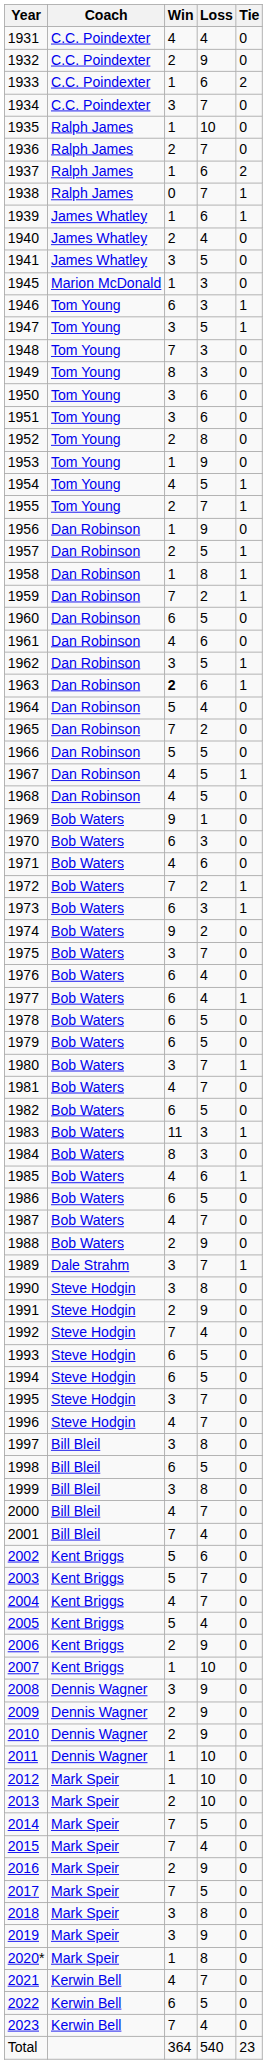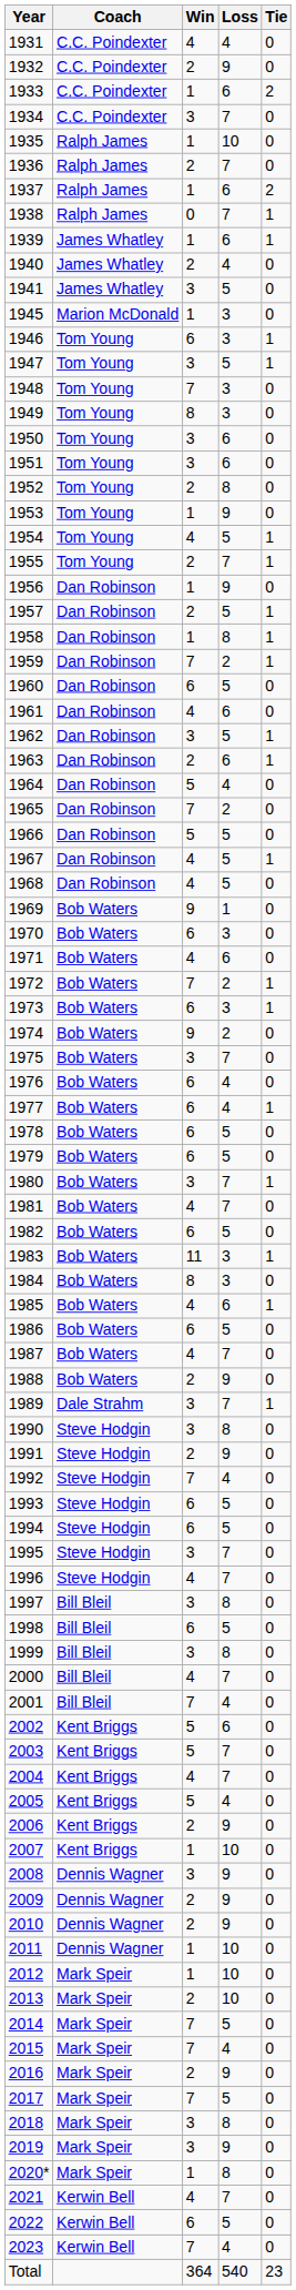 <table class="wikitable">
 <tr>
 <th>Year</th>
 <th>Coach</th>
 <th>Win</th>
 <th>Loss</th>
 <th>Tie</th>
 </tr>
 <tr>
 <td>1931</td>
 <td><a href='#'>C.C. Poindexter</a></td>
 <td>4</td>
 <td>4</td>
 <td>0</td>
 </tr>
 <tr>
 <td>1932</td>
 <td><a href='#'>C.C. Poindexter</a></td>
 <td>2</td>
 <td>9</td>
 <td>0</td>
 </tr>
 <tr>
 <td>1933</td>
 <td><a href='#'>C.C. Poindexter</a></td>
 <td>1</td>
 <td>6</td>
 <td>2</td>
 </tr>
 <tr>
 <td>1934</td>
 <td><a href='#'>C.C. Poindexter</a></td>
 <td>3</td>
 <td>7</td>
 <td>0</td>
 </tr>
 <tr>
 <td>1935</td>
 <td><a href='#'>Ralph James</a></td>
 <td>1</td>
 <td>10</td>
 <td>0</td>
 </tr>
 <tr>
 <td>1936</td>
 <td><a href='#'>Ralph James</a></td>
 <td>2</td>
 <td>7</td>
 <td>0</td>
 </tr>
 <tr>
 <td>1937</td>
 <td><a href='#'>Ralph James</a></td>
 <td>1</td>
 <td>6</td>
 <td>2</td>
 </tr>
 <tr>
 <td>1938</td>
 <td><a href='#'>Ralph James</a></td>
 <td>0</td>
 <td>7</td>
 <td>1</td>
 </tr>
 <tr>
 <td>1939</td>
 <td><a href='#'>James Whatley</a></td>
 <td>1</td>
 <td>6</td>
 <td>1</td>
 </tr>
 <tr>
 <td>1940</td>
 <td><a href='#'>James Whatley</a></td>
 <td>2</td>
 <td>4</td>
 <td>0</td>
 </tr>
 <tr>
 <td>1941</td>
 <td><a href='#'>James Whatley</a></td>
 <td>3</td>
 <td>5</td>
 <td>0</td>
 </tr>
 <tr>
 <td>1945</td>
 <td><a href='#'>Marion McDonald</a></td>
 <td>1</td>
 <td>3</td>
 <td>0</td>
 </tr>
 <tr>
 <td>1946</td>
 <td><a href='#'>Tom Young</a></td>
 <td>6</td>
 <td>3</td>
 <td>1</td>
 </tr>
 <tr>
 <td>1947</td>
 <td><a href='#'>Tom Young</a></td>
 <td>3</td>
 <td>5</td>
 <td>1</td>
 </tr>
 <tr>
 <td>1948</td>
 <td><a href='#'>Tom Young</a></td>
 <td>7</td>
 <td>3</td>
 <td>0</td>
 </tr>
 <tr>
 <td>1949</td>
 <td><a href='#'>Tom Young</a></td>
 <td>8</td>
 <td>3</td>
 <td>0</td>
 </tr>
 <tr>
 <td>1950</td>
 <td><a href='#'>Tom Young</a></td>
 <td>3</td>
 <td>6</td>
 <td>0</td>
 </tr>
 <tr>
 <td>1951</td>
 <td><a href='#'>Tom Young</a></td>
 <td>3</td>
 <td>6</td>
 <td>0</td>
 </tr>
 <tr>
 <td>1952</td>
 <td><a href='#'>Tom Young</a></td>
 <td>2</td>
 <td>8</td>
 <td>0</td>
 </tr>
 <tr>
 <td>1953</td>
 <td><a href='#'>Tom Young</a></td>
 <td>1</td>
 <td>9</td>
 <td>0</td>
 </tr>
 <tr>
 <td>1954</td>
 <td><a href='#'>Tom Young</a></td>
 <td>4</td>
 <td>5</td>
 <td>1</td>
 </tr>
 <tr>
 <td>1955</td>
 <td><a href='#'>Tom Young</a></td>
 <td>2</td>
 <td>7</td>
 <td>1</td>
 </tr>
 <tr>
 <td>1956</td>
 <td><a href='#'>Dan Robinson</a></td>
 <td>1</td>
 <td>9</td>
 <td>0</td>
 </tr>
 <tr>
 <td>1957</td>
 <td><a href='#'>Dan Robinson</a></td>
 <td>2</td>
 <td>5</td>
 <td>1</td>
 </tr>
 <tr>
 <td>1958</td>
 <td><a href='#'>Dan Robinson</a></td>
 <td>1</td>
 <td>8</td>
 <td>1</td>
 </tr>
 <tr>
 <td>1959</td>
 <td><a href='#'>Dan Robinson</a></td>
 <td>7</td>
 <td>2</td>
 <td>1</td>
 </tr>
 <tr>
 <td>1960</td>
 <td><a href='#'>Dan Robinson</a></td>
 <td>6</td>
 <td>5</td>
 <td>0</td>
 </tr>
 <tr>
 <td>1961</td>
 <td><a href='#'>Dan Robinson</a></td>
 <td>4</td>
 <td>6</td>
 <td>0</td>
 </tr>
 <tr>
 <td>1962</td>
 <td><a href='#'>Dan Robinson</a></td>
 <td>3</td>
 <td>5</td>
 <td>1</td>
 </tr>
 <tr>
 <td>1963</td>
 <td><a href='#'>Dan Robinson</a></td>
-<td><strong>2</strong></td>
+<td>2</td>
 <td>6</td>
 <td>1</td>
 </tr>
 <tr>
 <td>1964</td>
 <td><a href='#'>Dan Robinson</a></td>
 <td>5</td>
 <td>4</td>
 <td>0</td>
 </tr>
 <tr>
 <td>1965</td>
 <td><a href='#'>Dan Robinson</a></td>
 <td>7</td>
 <td>2</td>
 <td>0</td>
 </tr>
 <tr>
 <td>1966</td>
 <td><a href='#'>Dan Robinson</a></td>
 <td>5</td>
 <td>5</td>
 <td>0</td>
 </tr>
 <tr>
 <td>1967</td>
 <td><a href='#'>Dan Robinson</a></td>
 <td>4</td>
 <td>5</td>
 <td>1</td>
 </tr>
 <tr>
 <td>1968</td>
 <td><a href='#'>Dan Robinson</a></td>
 <td>4</td>
 <td>5</td>
 <td>0</td>
 </tr>
 <tr>
 <td>1969</td>
 <td><a href='#'>Bob Waters</a></td>
 <td>9</td>
 <td>1</td>
 <td>0</td>
 </tr>
 <tr>
 <td>1970</td>
 <td><a href='#'>Bob Waters</a></td>
 <td>6</td>
 <td>3</td>
 <td>0</td>
 </tr>
 <tr>
 <td>1971</td>
 <td><a href='#'>Bob Waters</a></td>
 <td>4</td>
 <td>6</td>
 <td>0</td>
 </tr>
 <tr>
 <td>1972</td>
 <td><a href='#'>Bob Waters</a></td>
 <td>7</td>
 <td>2</td>
 <td>1</td>
 </tr>
 <tr>
 <td>1973</td>
 <td><a href='#'>Bob Waters</a></td>
 <td>6</td>
 <td>3</td>
 <td>1</td>
 </tr>
 <tr>
 <td>1974</td>
 <td><a href='#'>Bob Waters</a></td>
 <td>9</td>
 <td>2</td>
 <td>0</td>
 </tr>
 <tr>
 <td>1975</td>
 <td><a href='#'>Bob Waters</a></td>
 <td>3</td>
 <td>7</td>
 <td>0</td>
 </tr>
 <tr>
 <td>1976</td>
 <td><a href='#'>Bob Waters</a></td>
 <td>6</td>
 <td>4</td>
 <td>0</td>
 </tr>
 <tr>
 <td>1977</td>
 <td><a href='#'>Bob Waters</a></td>
 <td>6</td>
 <td>4</td>
 <td>1</td>
 </tr>
 <tr>
 <td>1978</td>
 <td><a href='#'>Bob Waters</a></td>
 <td>6</td>
 <td>5</td>
 <td>0</td>
 </tr>
 <tr>
 <td>1979</td>
 <td><a href='#'>Bob Waters</a></td>
 <td>6</td>
 <td>5</td>
 <td>0</td>
 </tr>
 <tr>
 <td>1980</td>
 <td><a href='#'>Bob Waters</a></td>
 <td>3</td>
 <td>7</td>
 <td>1</td>
 </tr>
 <tr>
 <td>1981</td>
 <td><a href='#'>Bob Waters</a></td>
 <td>4</td>
 <td>7</td>
 <td>0</td>
 </tr>
 <tr>
 <td>1982</td>
 <td><a href='#'>Bob Waters</a></td>
 <td>6</td>
 <td>5</td>
 <td>0</td>
 </tr>
 <tr>
 <td>1983</td>
 <td><a href='#'>Bob Waters</a></td>
 <td>11</td>
 <td>3</td>
 <td>1</td>
 </tr>
 <tr>
 <td>1984</td>
 <td><a href='#'>Bob Waters</a></td>
 <td>8</td>
 <td>3</td>
 <td>0</td>
 </tr>
 <tr>
 <td>1985</td>
 <td><a href='#'>Bob Waters</a></td>
 <td>4</td>
 <td>6</td>
 <td>1</td>
 </tr>
 <tr>
 <td>1986</td>
 <td><a href='#'>Bob Waters</a></td>
 <td>6</td>
 <td>5</td>
 <td>0</td>
 </tr>
 <tr>
 <td>1987</td>
 <td><a href='#'>Bob Waters</a></td>
 <td>4</td>
 <td>7</td>
 <td>0</td>
 </tr>
 <tr>
 <td>1988</td>
 <td><a href='#'>Bob Waters</a></td>
 <td>2</td>
 <td>9</td>
 <td>0</td>
 </tr>
 <tr>
 <td>1989</td>
 <td><a href='#'>Dale Strahm</a></td>
 <td>3</td>
 <td>7</td>
 <td>1</td>
 </tr>
 <tr>
 <td>1990</td>
 <td><a href='#'>Steve Hodgin</a></td>
 <td>3</td>
 <td>8</td>
 <td>0</td>
 </tr>
 <tr>
 <td>1991</td>
 <td><a href='#'>Steve Hodgin</a></td>
 <td>2</td>
 <td>9</td>
 <td>0</td>
 </tr>
 <tr>
 <td>1992</td>
 <td><a href='#'>Steve Hodgin</a></td>
 <td>7</td>
 <td>4</td>
 <td>0</td>
 </tr>
 <tr>
 <td>1993</td>
 <td><a href='#'>Steve Hodgin</a></td>
 <td>6</td>
 <td>5</td>
 <td>0</td>
 </tr>
 <tr>
 <td>1994</td>
 <td><a href='#'>Steve Hodgin</a></td>
 <td>6</td>
 <td>5</td>
 <td>0</td>
 </tr>
 <tr>
 <td>1995</td>
 <td><a href='#'>Steve Hodgin</a></td>
 <td>3</td>
 <td>7</td>
 <td>0</td>
 </tr>
 <tr>
 <td>1996</td>
 <td><a href='#'>Steve Hodgin</a></td>
 <td>4</td>
 <td>7</td>
 <td>0</td>
 </tr>
 <tr>
 <td>1997</td>
 <td><a href='#'>Bill Bleil</a></td>
 <td>3</td>
 <td>8</td>
 <td>0</td>
 </tr>
 <tr>
 <td>1998</td>
 <td><a href='#'>Bill Bleil</a></td>
 <td>6</td>
 <td>5</td>
 <td>0</td>
 </tr>
 <tr>
 <td>1999</td>
 <td><a href='#'>Bill Bleil</a></td>
 <td>3</td>
 <td>8</td>
 <td>0</td>
 </tr>
 <tr>
 <td>2000</td>
 <td><a href='#'>Bill Bleil</a></td>
 <td>4</td>
 <td>7</td>
 <td>0</td>
 </tr>
 <tr>
 <td>2001</td>
 <td><a href='#'>Bill Bleil</a></td>
 <td>7</td>
 <td>4</td>
 <td>0</td>
 </tr>
 <tr>
 <td><a href='#'>2002</a></td>
 <td><a href='#'>Kent Briggs</a></td>
 <td>5</td>
 <td>6</td>
 <td>0</td>
 </tr>
 <tr>
 <td><a href='#'>2003</a></td>
 <td><a href='#'>Kent Briggs</a></td>
 <td>5</td>
 <td>7</td>
 <td>0</td>
 </tr>
 <tr>
 <td><a href='#'>2004</a></td>
 <td><a href='#'>Kent Briggs</a></td>
 <td>4</td>
 <td>7</td>
 <td>0</td>
 </tr>
 <tr>
 <td><a href='#'>2005</a></td>
 <td><a href='#'>Kent Briggs</a></td>
 <td>5</td>
 <td>4</td>
 <td>0</td>
 </tr>
 <tr>
 <td><a href='#'>2006</a></td>
 <td><a href='#'>Kent Briggs</a></td>
 <td>2</td>
 <td>9</td>
 <td>0</td>
 </tr>
 <tr>
 <td><a href='#'>2007</a></td>
 <td><a href='#'>Kent Briggs</a></td>
 <td>1</td>
 <td>10</td>
 <td>0</td>
 </tr>
 <tr>
 <td><a href='#'>2008</a></td>
 <td><a href='#'>Dennis Wagner</a></td>
 <td>3</td>
 <td>9</td>
 <td>0</td>
 </tr>
 <tr>
 <td><a href='#'>2009</a></td>
 <td><a href='#'>Dennis Wagner</a></td>
 <td>2</td>
 <td>9</td>
 <td>0</td>
 </tr>
 <tr>
 <td><a href='#'>2010</a></td>
 <td><a href='#'>Dennis Wagner</a></td>
 <td>2</td>
 <td>9</td>
 <td>0</td>
 </tr>
 <tr>
 <td><a href='#'>2011</a></td>
 <td><a href='#'>Dennis Wagner</a></td>
 <td>1</td>
 <td>10</td>
 <td>0</td>
 </tr>
 <tr>
 <td><a href='#'>2012</a></td>
 <td><a href='#'>Mark Speir</a></td>
 <td>1</td>
 <td>10</td>
 <td>0</td>
 </tr>
 <tr>
 <td><a href='#'>2013</a></td>
 <td><a href='#'>Mark Speir</a></td>
 <td>2</td>
 <td>10</td>
 <td>0</td>
 </tr>
 <tr>
 <td><a href='#'>2014</a></td>
 <td><a href='#'>Mark Speir</a></td>
 <td>7</td>
 <td>5</td>
 <td>0</td>
 </tr>
 <tr>
 <td><a href='#'>2015</a></td>
 <td><a href='#'>Mark Speir</a></td>
 <td>7</td>
 <td>4</td>
 <td>0</td>
 </tr>
 <tr>
 <td><a href='#'>2016</a></td>
 <td><a href='#'>Mark Speir</a></td>
 <td>2</td>
 <td>9</td>
 <td>0</td>
 </tr>
 <tr>
 <td><a href='#'>2017</a></td>
 <td><a href='#'>Mark Speir</a></td>
 <td>7</td>
 <td>5</td>
 <td>0</td>
 </tr>
 <tr>
 <td><a href='#'>2018</a></td>
 <td><a href='#'>Mark Speir</a></td>
 <td>3</td>
 <td>8</td>
 <td>0</td>
 </tr>
 <tr>
 <td><a href='#'>2019</a></td>
 <td><a href='#'>Mark Speir</a></td>
 <td>3</td>
 <td>9</td>
 <td>0</td>
 </tr>
 <tr>
 <td><a href='#'>2020</a>*</td>
 <td><a href='#'>Mark Speir</a></td>
 <td>1</td>
 <td>8</td>
 <td>0</td>
 </tr>
 <tr>
 <td><a href='#'>2021</a></td>
 <td><a href='#'>Kerwin Bell</a></td>
 <td>4</td>
 <td>7</td>
 <td>0</td>
 </tr>
 <tr>
 <td><a href='#'>2022</a></td>
 <td><a href='#'>Kerwin Bell</a></td>
 <td>6</td>
 <td>5</td>
 <td>0</td>
 </tr>
 <tr>
 <td><a href='#'>2023</a></td>
 <td><a href='#'>Kerwin Bell</a></td>
 <td>7</td>
 <td>4</td>
 <td>0</td>
 </tr>
 <tr>
 <td>Total</td>
 <td></td>
 <td>364</td>
 <td>540</td>
 <td>23</td>
 </tr>
 </table>
